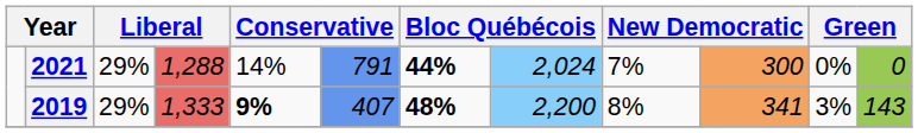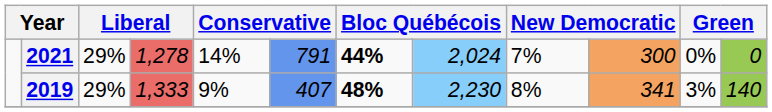 <table class="wikitable" style="float:right; width:400; font-size:90%; margin-left:1em;">
 <tr>
 <th colspan="2" scope="col">Year</th>
 <th colspan="2" scope="col"><a href='#'>Liberal</a></th>
 <th colspan="2" scope="col"><a href='#'>Conservative</a></th>
 <th colspan="2" scope="col"><a href='#'>Bloc Québécois</a></th>
 <th colspan="2" scope="col"><a href='#'>New Democratic</a></th>
 <th colspan="2" scope="col"><a href='#'>Green</a></th>
 </tr>
 <tr>
 <td rowspan="2" style="width: 0.25em; background-color: "></td>
 <th><a href='#'>2021</a></th>
 <td>29%</td>
-<td style="text-align:right; background:#EA6D6A;"><em>1,288</em></td>
+<td style="text-align:right; background:#EA6D6A;"><em>1,278</em></td>
 <td>14%</td>
 <td style="text-align:right; background:#6495ED;"><em>791</em></td>
 <td><strong>44%</strong></td>
 <td style="text-align:right; background:#87CEFA;"><em>2,024</em></td>
 <td>7%</td>
 <td style="text-align:right; background:#F4A460;"><em>300</em></td>
 <td>0%</td>
 <td style="text-align:right; background:#99C955;"><em>0</em></td>
 </tr>
 <tr>
 <th><a href='#'>2019</a></th>
 <td>29%</td>
 <td style="text-align:right; background:#EA6D6A;"><em>1,333</em></td>
-<td><strong>9%</strong></td>
+<td>9%</td>
 <td style="text-align:right; background:#6495ED;"><em>407</em></td>
 <td><strong>48%</strong></td>
-<td style="text-align:right; background:#87CEFA;"><em>2,200</em></td>
+<td style="text-align:right; background:#87CEFA;"><em>2,230</em></td>
 <td>8%</td>
 <td style="text-align:right; background:#F4A460;"><em>341</em></td>
 <td>3%</td>
-<td style="text-align:right; background:#99C955;"><em>143</em></td>
+<td style="text-align:right; background:#99C955;"><em>140</em></td>
 </tr>
 <tr>
 </tr>
 </table>
